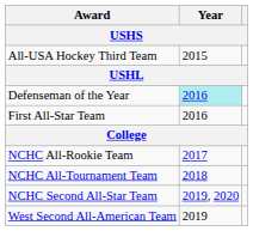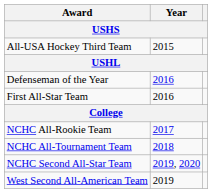 <table class="wikitable">
 <tr>
 <th>Award</th>
 <th>Year</th>
 <th></th>
 </tr>
 <tr ALIGN="center" bgcolor="#e0e0e0">
 <th colspan="3"><a href='#'>USHS</a></th>
 </tr>
 <tr>
 <td>All-USA Hockey Third Team</td>
 <td>2015</td>
 <td></td>
 </tr>
 <tr ALIGN="center" bgcolor="#e0e0e0">
 <th colspan="3"><a href='#'>USHL</a></th>
 </tr>
 <tr>
 <td>Defenseman of the Year</td>
-<td style="background: paleturquoise;"><a href='#'>2016</a></td>
+<td><a href='#'>2016</a></td>
 <td></td>
 </tr>
 <tr>
 <td>First All-Star Team</td>
 <td>2016</td>
 <td></td>
 </tr>
 <tr ALIGN="center" bgcolor="#e0e0e0">
 <th colspan="3"><a href='#'>College</a></th>
 </tr>
 <tr>
 <td><a href='#'>NCHC</a> All-Rookie Team</td>
 <td><a href='#'>2017</a></td>
 <td></td>
 </tr>
 <tr>
 <td><a href='#'>NCHC All-Tournament Team</a></td>
 <td><a href='#'>2018</a></td>
 <td></td>
 </tr>
 <tr>
 <td><a href='#'>NCHC Second All-Star Team</a></td>
 <td><a href='#'>2019</a>, <a href='#'>2020</a></td>
 <td></td>
 </tr>
 <tr>
 <td><a href='#'>West Second All-American Team</a></td>
 <td>2019</td>
 <td></td>
 </tr>
 </table>
